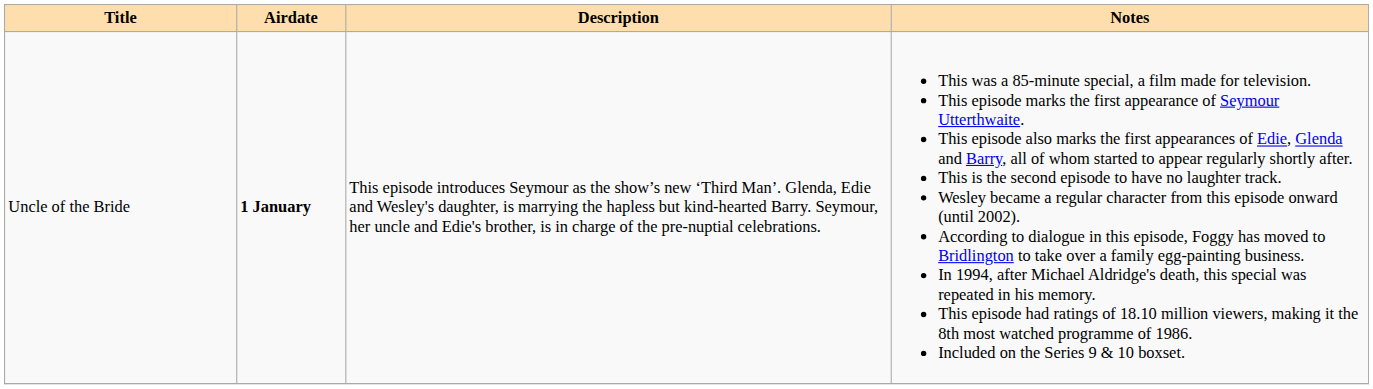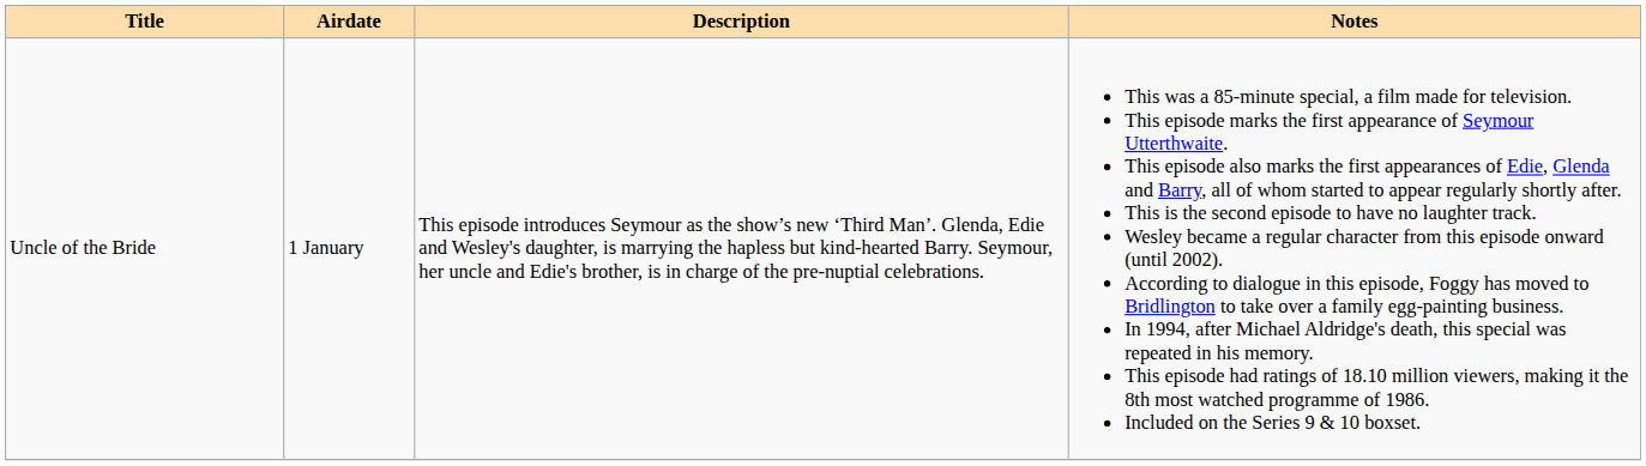 <table class="wikitable" width=100% border=1 style="font-size: 95%">
 <tr>
 <th style="background:#ffdead" width=17%>Title</th>
 <th style="background:#ffdead" width=8%>Airdate</th>
 <th style="background:#ffdead" width=40%>Description</th>
 <th style="background:#ffdead" width=35%>Notes</th>
 </tr>
 <tr>
 <td>Uncle of the Bride</td>
-<td><strong>1 January</strong></td>
+<td>1 January</td>
 <td>This episode introduces Seymour as the show’s new ‘Third Man’.  Glenda, Edie and Wesley's daughter, is marrying the hapless but kind-hearted Barry.  Seymour, her uncle and Edie's brother, is in charge of the pre-nuptial celebrations.</td>
 <td><br><ul><li>This was a 85-minute special, a film made for television.</li><li>This episode marks the first appearance of <a href='#'>Seymour Utterthwaite</a>.</li><li>This episode also marks the first appearances of <a href='#'>Edie</a>, <a href='#'>Glenda</a> and <a href='#'>Barry</a>, all of whom started to appear regularly shortly after.</li><li>This is the second episode to have no laughter track.</li><li>Wesley became a regular character from this episode onward (until 2002).</li><li>According to dialogue in this episode, Foggy has moved to <a href='#'>Bridlington</a> to take over a family egg-painting business.</li><li>In 1994, after Michael Aldridge's death, this special was repeated in his memory.</li><li>This episode had ratings of 18.10 million viewers, making it the 8th most watched programme of 1986.</li><li>Included on the Series 9 & 10 boxset.</li></ul></td>
 </tr>
 <tr>
 </tr>
 </table>
